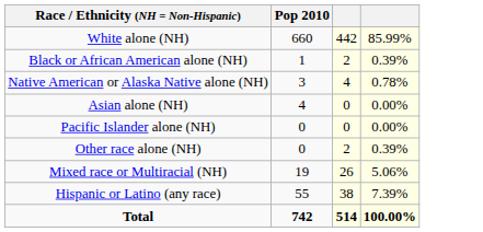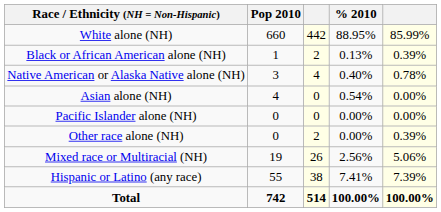 <table class="wikitable" style="text-align:center;">
 <tr>
 <th>Race / Ethnicity <small>(<em>NH = Non-Hispanic</em>)</small></th>
 <th>Pop 2010</th>
 <th></th>
+<th>% 2010</th>
 <th></th>
 </tr>
 <tr>
 <td><a href='#'>White</a> alone (NH)</td>
 <td>660</td>
 <td style='background: #ffffe6;'>442</td>
+<td>88.95%</td>
 <td style='background: #ffffe6;'>85.99%</td>
 </tr>
 <tr>
 <td><a href='#'>Black or African American</a> alone (NH)</td>
 <td>1</td>
 <td style='background: #ffffe6;'>2</td>
+<td>0.13%</td>
 <td style='background: #ffffe6;'>0.39%</td>
 </tr>
 <tr>
 <td><a href='#'>Native American</a> or <a href='#'>Alaska Native</a> alone (NH)</td>
 <td>3</td>
 <td style='background: #ffffe6;'>4</td>
+<td>0.40%</td>
 <td style='background: #ffffe6;'>0.78%</td>
 </tr>
 <tr>
 <td><a href='#'>Asian</a> alone (NH)</td>
 <td>4</td>
 <td style='background: #ffffe6;'>0</td>
+<td>0.54%</td>
 <td style='background: #ffffe6;'>0.00%</td>
 </tr>
 <tr>
 <td><a href='#'>Pacific Islander</a> alone (NH)</td>
 <td>0</td>
 <td style='background: #ffffe6;'>0</td>
+<td>0.00%</td>
 <td style='background: #ffffe6;'>0.00%</td>
 </tr>
 <tr>
 <td><a href='#'>Other race</a> alone (NH)</td>
 <td>0</td>
 <td style='background: #ffffe6;'>2</td>
+<td>0.00%</td>
 <td style='background: #ffffe6;'>0.39%</td>
 </tr>
 <tr>
 <td><a href='#'>Mixed race or Multiracial</a> (NH)</td>
 <td>19</td>
 <td style='background: #ffffe6;'>26</td>
+<td>2.56%</td>
 <td style='background: #ffffe6;'>5.06%</td>
 </tr>
 <tr>
 <td><a href='#'>Hispanic or Latino</a> (any race)</td>
 <td>55</td>
 <td style='background: #ffffe6;'>38</td>
+<td>7.41%</td>
 <td style='background: #ffffe6;'>7.39%</td>
 </tr>
 <tr>
 <td><strong>Total</strong></td>
 <td><strong>742</strong></td>
 <td style='background: #ffffe6;'><strong>514</strong></td>
+<td><strong>100.00%</strong></td>
 <td style='background: #ffffe6;'><strong>100.00%</strong></td>
 </tr>
 </table>
